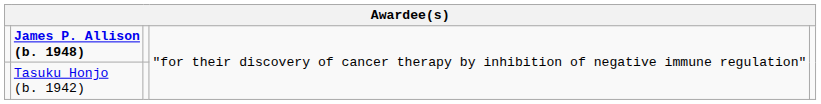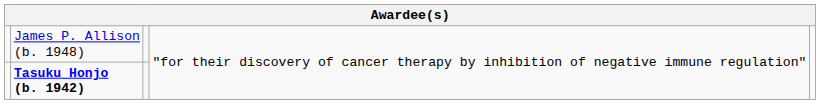 <table class="wikitable">
 <tr>
 <th colspan="5">Awardee(s)</th>
 </tr>
 <tr>
 <td></td>
-<td><strong><a href='#'>James P. Allison</a><br>(b. 1948)</strong></td>
+<td><a href='#'>James P. Allison</a><br>(b. 1948)</td>
 <td></td>
 <td rowspan="2">"for their discovery of cancer therapy by inhibition of negative immune regulation"</td>
 <td rowspan="2"></td>
 </tr>
 <tr>
 <td></td>
-<td><a href='#'>Tasuku Honjo</a><br>(b. 1942)</td>
+<td><strong><a href='#'>Tasuku Honjo</a><br>(b. 1942)</strong></td>
 <td></td>
 </tr>
 </table>
